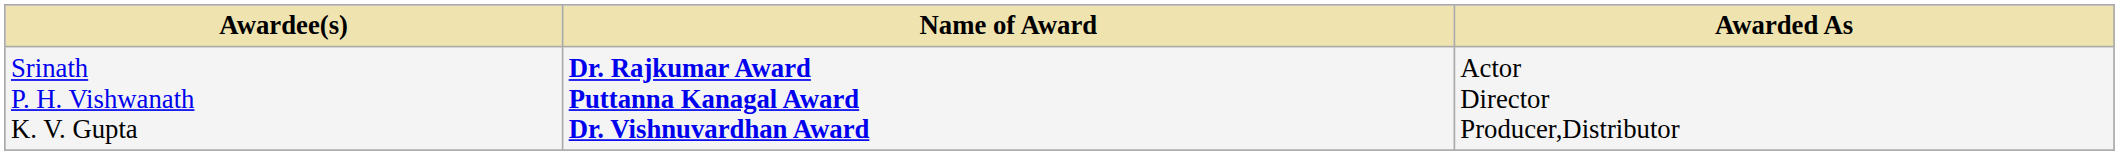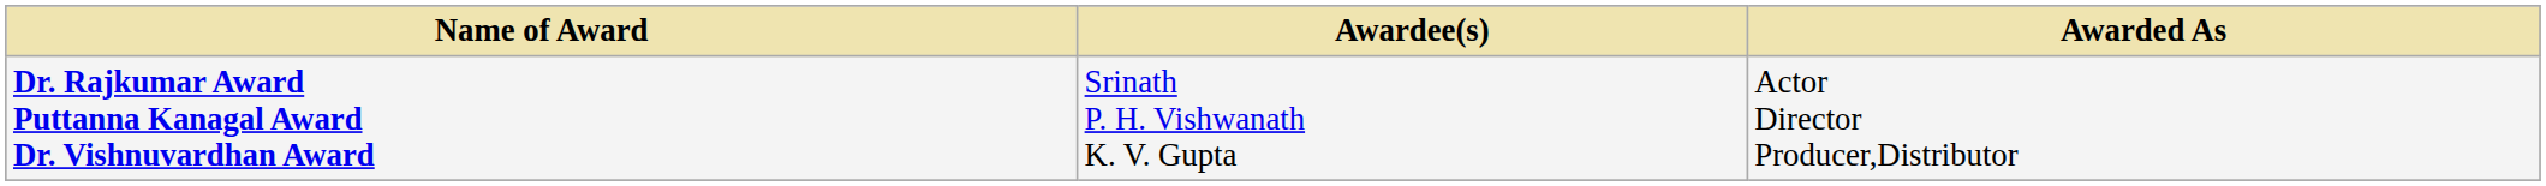 <table class="wikitable" style="width:100%;">
 <tr>
+<th style="background-color:#EFE4B0;">Name of Award</th>
 <th style="background-color:#EFE4B0;">Awardee(s)</th>
-<th style="background-color:#EFE4B0;">Name of Award</th>
 <th style="background-color:#EFE4B0;">Awarded As</th>
 </tr>
 <tr style="background-color:#F4F4F4">
+<td><strong><a href='#'>Dr. Rajkumar Award</a></strong><br><strong><a href='#'>Puttanna Kanagal Award</a></strong><br><strong><a href='#'>Dr. Vishnuvardhan Award</a></strong></td>
 <td><a href='#'>Srinath</a><br><a href='#'>P. H. Vishwanath</a><br>K. V. Gupta</td>
-<td><strong><a href='#'>Dr. Rajkumar Award</a></strong><br><strong><a href='#'>Puttanna Kanagal Award</a></strong><br><strong><a href='#'>Dr. Vishnuvardhan Award</a></strong></td>
 <td>Actor<br>Director<br>Producer,Distributor</td>
 </tr>
 </table>
